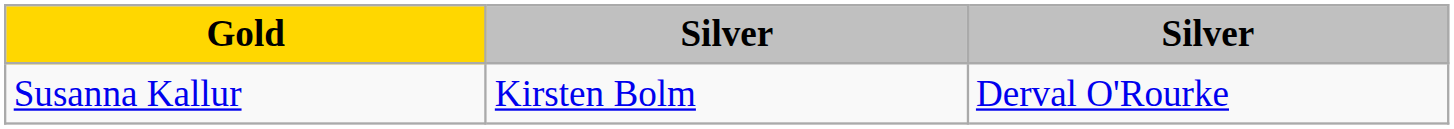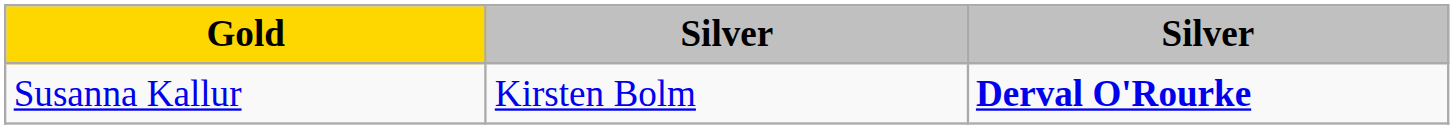 <table class="wikitable" style="text-align:left">
 <tr align="center">
 <td width=200 bgcolor=gold><strong>Gold</strong></td>
 <td width=200 bgcolor=silver><strong>Silver</strong></td>
 <td width=200 bgcolor=silver><strong>Silver</strong></td>
 </tr>
 <tr>
 <td><a href='#'>Susanna Kallur</a><br><em></em></td>
 <td><a href='#'>Kirsten Bolm</a><br><em></em></td>
-<td><a href='#'>Derval O'Rourke</a><br><em></em></td>
+<td><strong><a href='#'>Derval O'Rourke</a><br><em></em></strong></td>
 </tr>
 </table>
